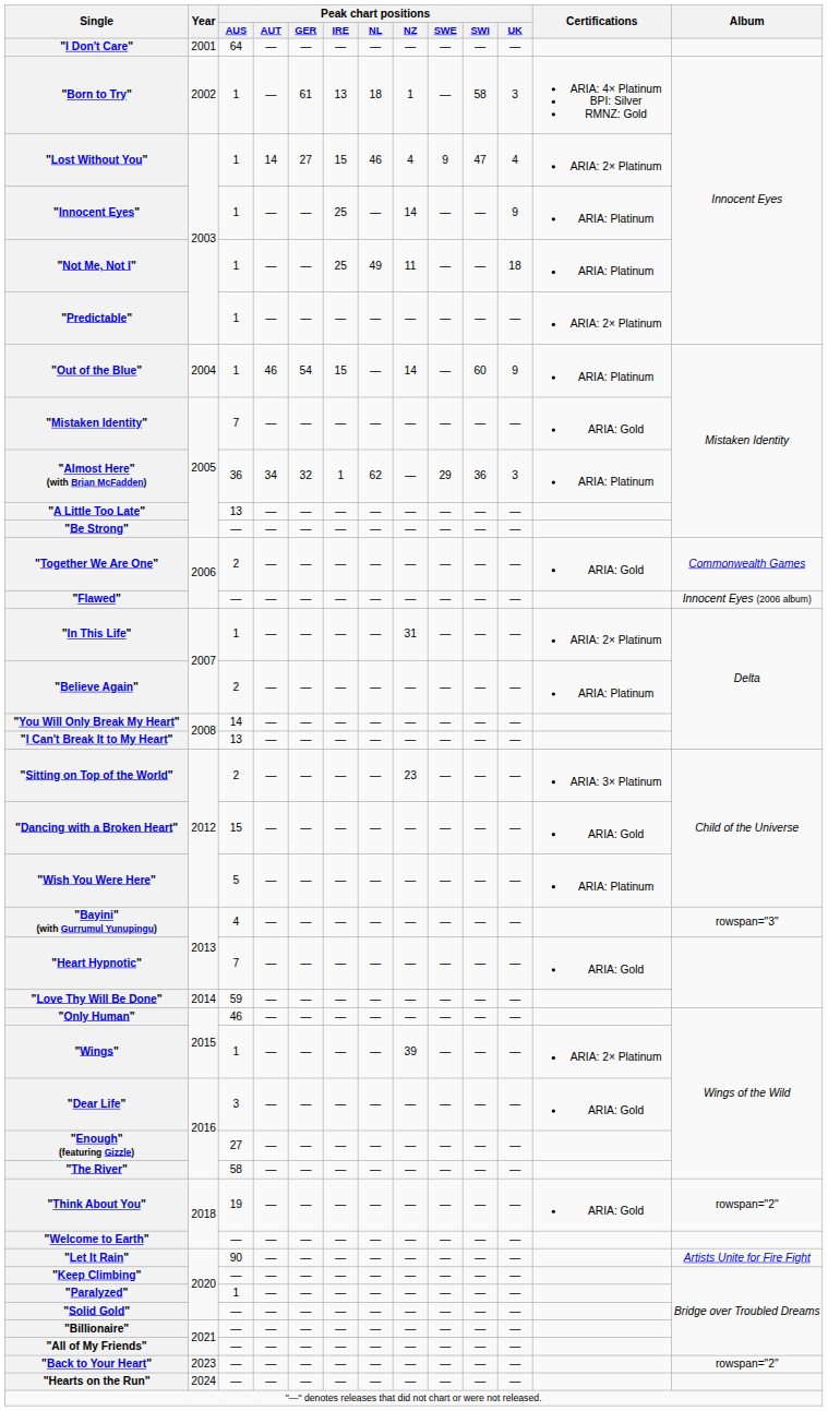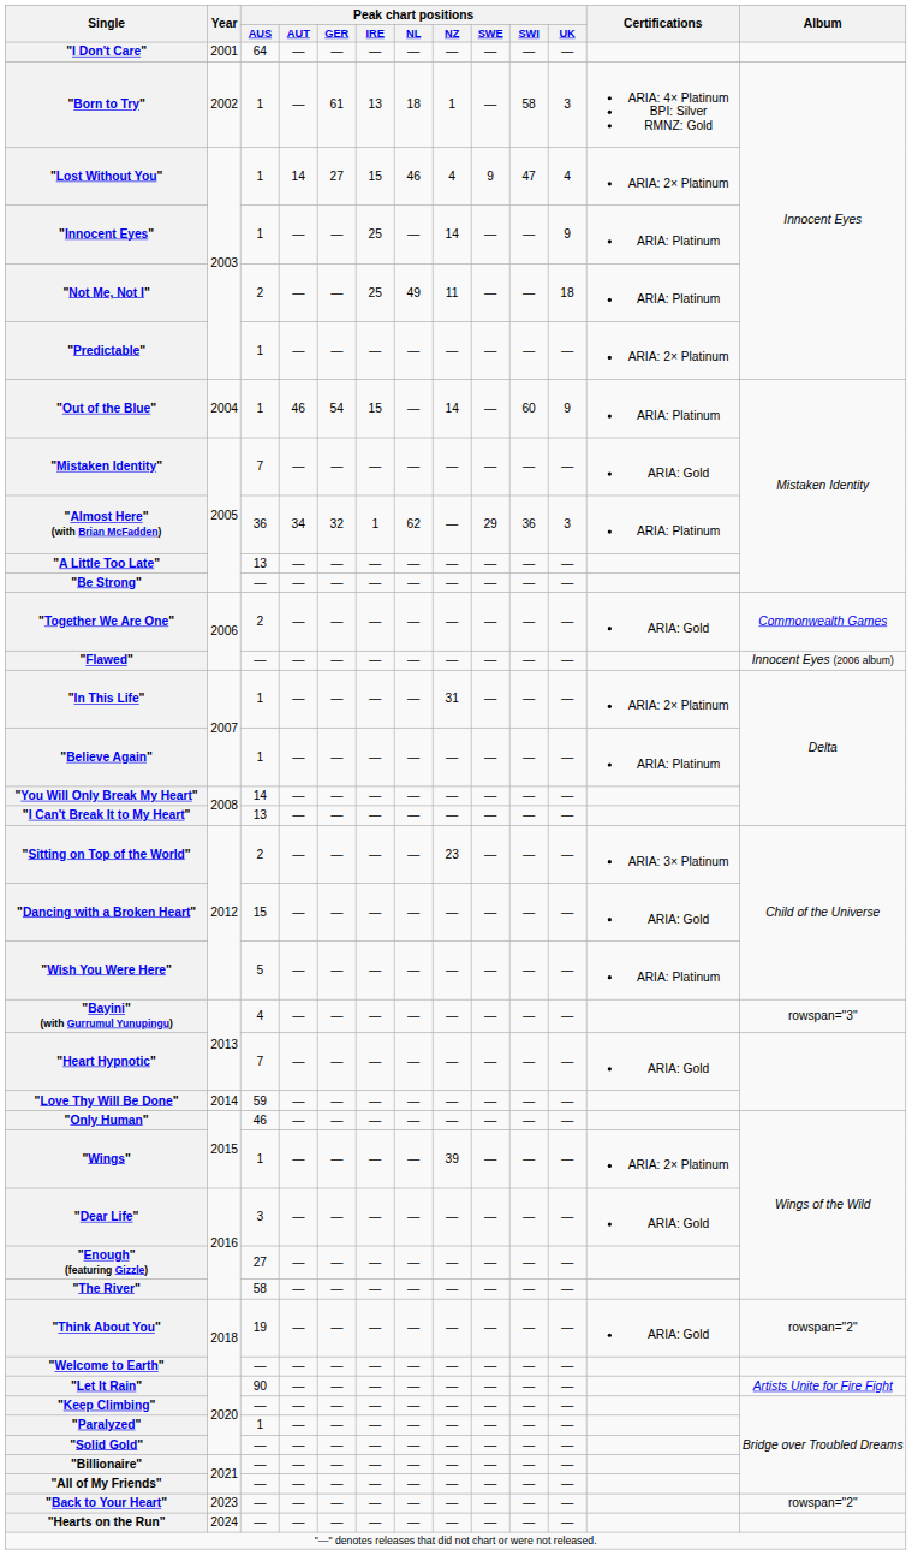 <table class="wikitable plainrowheaders" style="text-align: center;" border="1">
 <tr>
 <th rowspan="2" style="width:16em;">Single</th>
 <th rowspan="2">Year</th>
 <th colspan="9">Peak chart positions</th>
 <th rowspan="2" style="width:12em;">Certifications</th>
 <th rowspan="2">Album</th>
 </tr>
 <tr>
 <th scope="col" style="width:3em;font-size:90%;"><a href='#'>AUS</a><br></th>
 <th scope="col" style="width:3em;font-size:90%;"><a href='#'>AUT</a><br></th>
 <th scope="col" style="width:3em;font-size:90%;"><a href='#'>GER</a><br></th>
 <th scope="col" style="width:3em;font-size:90%;"><a href='#'>IRE</a><br></th>
 <th scope="col" style="width:3em;font-size:90%;"><a href='#'>NL</a><br></th>
 <th scope="col" style="width:3em;font-size:90%;"><a href='#'>NZ</a><br></th>
 <th scope="col" style="width:3em;font-size:90%;"><a href='#'>SWE</a><br></th>
 <th scope="col" style="width:3em;font-size:90%;"><a href='#'>SWI</a><br></th>
 <th scope="col" style="width:3em;font-size:90%;"><a href='#'>UK</a><br></th>
 </tr>
 <tr>
 <th scope="row">"<a href='#'>I Don't Care</a>"</th>
 <td>2001</td>
 <td>64</td>
 <td>—</td>
 <td>—</td>
 <td>—</td>
 <td>—</td>
 <td>—</td>
 <td>—</td>
 <td>—</td>
 <td>—</td>
 <td></td>
 <td></td>
 </tr>
 <tr>
 <th scope="row">"<a href='#'>Born to Try</a>"</th>
 <td>2002</td>
 <td>1</td>
 <td>—</td>
 <td>61</td>
 <td>13</td>
 <td>18</td>
 <td>1</td>
 <td>—</td>
 <td>58</td>
 <td>3</td>
 <td><br><ul><li>ARIA: 4× Platinum</li><li>BPI: Silver</li><li>RMNZ: Gold</li></ul></td>
 <td rowspan="5"><em>Innocent Eyes</em></td>
 </tr>
 <tr>
 <th scope="row">"<a href='#'>Lost Without You</a>"</th>
 <td rowspan="4">2003</td>
 <td>1</td>
 <td>14</td>
 <td>27</td>
 <td>15</td>
 <td>46</td>
 <td>4</td>
 <td>9</td>
 <td>47</td>
 <td>4</td>
 <td><br><ul><li>ARIA: 2× Platinum</li></ul></td>
 </tr>
 <tr>
 <th scope="row">"<a href='#'>Innocent Eyes</a>"</th>
 <td>1</td>
 <td>—</td>
 <td>—</td>
 <td>25</td>
 <td>—</td>
 <td>14</td>
 <td>—</td>
 <td>—</td>
 <td>9</td>
 <td><br><ul><li>ARIA: Platinum</li></ul></td>
 </tr>
 <tr>
 <th scope="row">"<a href='#'>Not Me, Not I</a>"</th>
-<td>1</td>
+<td>2</td>
 <td>—</td>
 <td>—</td>
 <td>25</td>
 <td>49</td>
 <td>11</td>
 <td>—</td>
 <td>—</td>
 <td>18</td>
 <td><br><ul><li>ARIA: Platinum</li></ul></td>
 </tr>
 <tr>
 <th scope="row">"<a href='#'>Predictable</a>"</th>
 <td>1</td>
 <td>—</td>
 <td>—</td>
 <td>—</td>
 <td>—</td>
 <td>—</td>
 <td>—</td>
 <td>—</td>
 <td>—</td>
 <td><br><ul><li>ARIA: 2× Platinum</li></ul></td>
 </tr>
 <tr>
 <th scope="row">"<a href='#'>Out of the Blue</a>"</th>
 <td>2004</td>
 <td>1</td>
 <td>46</td>
 <td>54</td>
 <td>15</td>
 <td>—</td>
 <td>14</td>
 <td>—</td>
 <td>60</td>
 <td>9</td>
 <td><br><ul><li>ARIA: Platinum</li></ul></td>
 <td rowspan="5"><em>Mistaken Identity</em></td>
 </tr>
 <tr>
 <th scope="row">"<a href='#'>Mistaken Identity</a>"</th>
 <td rowspan="4">2005</td>
 <td>7</td>
 <td>—</td>
 <td>—</td>
 <td>—</td>
 <td>—</td>
 <td>—</td>
 <td>—</td>
 <td>—</td>
 <td>—</td>
 <td><br><ul><li>ARIA: Gold</li></ul></td>
 </tr>
 <tr>
 <th scope="row">"<a href='#'>Almost Here</a>" <br><small>(with <a href='#'>Brian McFadden</a>)</small></th>
 <td>36</td>
 <td>34</td>
 <td>32</td>
 <td>1</td>
 <td>62</td>
 <td>—</td>
 <td>29</td>
 <td>36</td>
 <td>3</td>
 <td><br><ul><li>ARIA: Platinum</li></ul></td>
 </tr>
 <tr>
 <th scope="row">"<a href='#'>A Little Too Late</a>"</th>
 <td>13</td>
 <td>—</td>
 <td>—</td>
 <td>—</td>
 <td>—</td>
 <td>—</td>
 <td>—</td>
 <td>—</td>
 <td>—</td>
 <td></td>
 </tr>
 <tr>
 <th scope="row">"<a href='#'>Be Strong</a>"</th>
 <td>—</td>
 <td>—</td>
 <td>—</td>
 <td>—</td>
 <td>—</td>
 <td>—</td>
 <td>—</td>
 <td>—</td>
 <td>—</td>
 <td></td>
 </tr>
 <tr>
 <th scope="row">"<a href='#'>Together We Are One</a>"</th>
 <td rowspan="2">2006</td>
 <td>2</td>
 <td>—</td>
 <td>—</td>
 <td>—</td>
 <td>—</td>
 <td>—</td>
 <td>—</td>
 <td>—</td>
 <td>—</td>
 <td><br><ul><li>ARIA: Gold</li></ul></td>
 <td><em><a href='#'>Commonwealth Games</a></em></td>
 </tr>
 <tr>
 <th scope="row">"<a href='#'>Flawed</a>"</th>
 <td>—</td>
 <td>—</td>
 <td>—</td>
 <td>—</td>
 <td>—</td>
 <td>—</td>
 <td>—</td>
 <td>—</td>
 <td>—</td>
 <td></td>
 <td><em>Innocent Eyes</em> <small>(2006 album)</small></td>
 </tr>
 <tr>
 <th scope="row">"<a href='#'>In This Life</a>"</th>
 <td rowspan="2">2007</td>
 <td>1</td>
 <td>—</td>
 <td>—</td>
 <td>—</td>
 <td>—</td>
 <td>31</td>
 <td>—</td>
 <td>—</td>
 <td>—</td>
 <td><br><ul><li>ARIA: 2× Platinum</li></ul></td>
 <td rowspan="4"><em>Delta</em></td>
 </tr>
 <tr>
 <th scope="row">"<a href='#'>Believe Again</a>"</th>
-<td>2</td>
+<td>1</td>
 <td>—</td>
 <td>—</td>
 <td>—</td>
 <td>—</td>
 <td>—</td>
 <td>—</td>
 <td>—</td>
 <td>—</td>
 <td><br><ul><li>ARIA: Platinum</li></ul></td>
 </tr>
 <tr>
 <th scope="row">"<a href='#'>You Will Only Break My Heart</a>"</th>
 <td rowspan="2">2008</td>
 <td>14</td>
 <td>—</td>
 <td>—</td>
 <td>—</td>
 <td>—</td>
 <td>—</td>
 <td>—</td>
 <td>—</td>
 <td>—</td>
 <td></td>
 </tr>
 <tr>
 <th scope="row">"<a href='#'>I Can't Break It to My Heart</a>"</th>
 <td>13</td>
 <td>—</td>
 <td>—</td>
 <td>—</td>
 <td>—</td>
 <td>—</td>
 <td>—</td>
 <td>—</td>
 <td>—</td>
 <td></td>
 </tr>
 <tr>
 <th scope="row">"<a href='#'>Sitting on Top of the World</a>"</th>
 <td rowspan="3">2012</td>
 <td>2</td>
 <td>—</td>
 <td>—</td>
 <td>—</td>
 <td>—</td>
 <td>23</td>
 <td>—</td>
 <td>—</td>
 <td>—</td>
 <td><br><ul><li>ARIA: 3× Platinum</li></ul></td>
 <td rowspan="3"><em>Child of the Universe</em></td>
 </tr>
 <tr>
 <th scope="row">"<a href='#'>Dancing with a Broken Heart</a>"</th>
 <td>15</td>
 <td>—</td>
 <td>—</td>
 <td>—</td>
 <td>—</td>
 <td>—</td>
 <td>—</td>
 <td>—</td>
 <td>—</td>
 <td><br><ul><li>ARIA: Gold</li></ul></td>
 </tr>
 <tr>
 <th scope="row">"<a href='#'>Wish You Were Here</a>"</th>
 <td>5</td>
 <td>—</td>
 <td>—</td>
 <td>—</td>
 <td>—</td>
 <td>—</td>
 <td>—</td>
 <td>—</td>
 <td>—</td>
 <td><br><ul><li>ARIA: Platinum</li></ul></td>
 </tr>
 <tr>
 <th scope="row">"<a href='#'>Bayini</a>"<br><small>(with <a href='#'>Gurrumul Yunupingu</a>)</small></th>
 <td rowspan="2">2013</td>
 <td>4</td>
 <td>—</td>
 <td>—</td>
 <td>—</td>
 <td>—</td>
 <td>—</td>
 <td>—</td>
 <td>—</td>
 <td>—</td>
 <td></td>
 <td>rowspan="3" </td>
 </tr>
 <tr>
 <th scope="row">"<a href='#'>Heart Hypnotic</a>"</th>
 <td>7</td>
 <td>—</td>
 <td>—</td>
 <td>—</td>
 <td>—</td>
 <td>—</td>
 <td>—</td>
 <td>—</td>
 <td>—</td>
 <td><br><ul><li>ARIA: Gold</li></ul></td>
 </tr>
 <tr>
 <th scope="row">"<a href='#'>Love Thy Will Be Done</a>"</th>
 <td>2014</td>
 <td>59</td>
 <td>—</td>
 <td>—</td>
 <td>—</td>
 <td>—</td>
 <td>—</td>
 <td>—</td>
 <td>—</td>
 <td>—</td>
 <td></td>
 </tr>
 <tr>
 <th scope="row">"<a href='#'>Only Human</a>"</th>
 <td rowspan="2">2015</td>
 <td>46</td>
 <td>—</td>
 <td>—</td>
 <td>—</td>
 <td>—</td>
 <td>—</td>
 <td>—</td>
 <td>—</td>
 <td>—</td>
 <td></td>
 <td rowspan="5"><em>Wings of the Wild</em></td>
 </tr>
 <tr>
 <th scope="row">"<a href='#'>Wings</a>"</th>
 <td>1</td>
 <td>—</td>
 <td>—</td>
 <td>—</td>
 <td>—</td>
 <td>39</td>
 <td>—</td>
 <td>—</td>
 <td>—</td>
 <td><br><ul><li>ARIA: 2× Platinum</li></ul></td>
 </tr>
 <tr>
 <th scope="row">"<a href='#'>Dear Life</a>"</th>
 <td rowspan="3">2016</td>
 <td>3</td>
 <td>—</td>
 <td>—</td>
 <td>—</td>
 <td>—</td>
 <td>—</td>
 <td>—</td>
 <td>—</td>
 <td>—</td>
 <td><br><ul><li>ARIA: Gold</li></ul></td>
 </tr>
 <tr>
 <th scope="row">"<a href='#'>Enough</a>" <br><small>(featuring <a href='#'>Gizzle</a>)</small></th>
 <td>27</td>
 <td>—</td>
 <td>—</td>
 <td>—</td>
 <td>—</td>
 <td>—</td>
 <td>—</td>
 <td>—</td>
 <td>—</td>
 <td></td>
 </tr>
 <tr>
 <th scope="row">"<a href='#'>The River</a>"</th>
 <td>58</td>
 <td>—</td>
 <td>—</td>
 <td>—</td>
 <td>—</td>
 <td>—</td>
 <td>—</td>
 <td>—</td>
 <td>—</td>
 <td></td>
 </tr>
 <tr>
 <th scope="row">"<a href='#'>Think About You</a>"</th>
 <td rowspan="2">2018</td>
 <td>19</td>
 <td>—</td>
 <td>—</td>
 <td>—</td>
 <td>—</td>
 <td>—</td>
 <td>—</td>
 <td>—</td>
 <td>—</td>
 <td><br><ul><li>ARIA: Gold</li></ul></td>
 <td>rowspan="2" </td>
 </tr>
 <tr>
 <th scope="row">"<a href='#'>Welcome to Earth</a>"</th>
 <td>—</td>
 <td>—</td>
 <td>—</td>
 <td>—</td>
 <td>—</td>
 <td>—</td>
 <td>—</td>
 <td>—</td>
 <td>—</td>
 <td></td>
 </tr>
 <tr>
 <th scope="row">"<a href='#'>Let It Rain</a>"</th>
 <td rowspan="4">2020</td>
 <td>90</td>
 <td>—</td>
 <td>—</td>
 <td>—</td>
 <td>—</td>
 <td>—</td>
 <td>—</td>
 <td>—</td>
 <td>—</td>
 <td></td>
 <td><em><a href='#'>Artists Unite for Fire Fight</a></em></td>
 </tr>
 <tr>
 <th scope="row">"<a href='#'>Keep Climbing</a>"</th>
 <td>—</td>
 <td>—</td>
 <td>—</td>
 <td>—</td>
 <td>—</td>
 <td>—</td>
 <td>—</td>
 <td>—</td>
 <td>—</td>
 <td></td>
 <td rowspan="5"><em>Bridge over Troubled Dreams</em></td>
 </tr>
 <tr>
 <th scope="row">"<a href='#'>Paralyzed</a>"</th>
 <td>1</td>
 <td>—</td>
 <td>—</td>
 <td>—</td>
 <td>—</td>
 <td>—</td>
 <td>—</td>
 <td>—</td>
 <td>—</td>
 <td></td>
 </tr>
 <tr>
 <th scope="row">"<a href='#'>Solid Gold</a>"</th>
 <td>—</td>
 <td>—</td>
 <td>—</td>
 <td>—</td>
 <td>—</td>
 <td>—</td>
 <td>—</td>
 <td>—</td>
 <td>—</td>
 <td></td>
 </tr>
 <tr>
 <th scope="row">"Billionaire"</th>
 <td rowspan="2">2021</td>
 <td>—</td>
 <td>—</td>
 <td>—</td>
 <td>—</td>
 <td>—</td>
 <td>—</td>
 <td>—</td>
 <td>—</td>
 <td>—</td>
 <td></td>
 </tr>
 <tr>
 <th scope="row">"All of My Friends"</th>
 <td>—</td>
 <td>—</td>
 <td>—</td>
 <td>—</td>
 <td>—</td>
 <td>—</td>
 <td>—</td>
 <td>—</td>
 <td>—</td>
 <td></td>
 </tr>
 <tr>
 <th scope="row">"<a href='#'>Back to Your Heart</a>"</th>
 <td>2023</td>
 <td>—</td>
 <td>—</td>
 <td>—</td>
 <td>—</td>
 <td>—</td>
 <td>—</td>
 <td>—</td>
 <td>—</td>
 <td>—</td>
 <td></td>
 <td>rowspan="2" </td>
 </tr>
 <tr>
 <th scope="row">"Hearts on the Run"</th>
 <td>2024</td>
 <td>—</td>
 <td>—</td>
 <td>—</td>
 <td>—</td>
 <td>—</td>
 <td>—</td>
 <td>—</td>
 <td>—</td>
 <td>—</td>
 <td></td>
 </tr>
 <tr>
 <td colspan="20" style="font-size:85%">"—" denotes releases that did not chart or were not released.</td>
 </tr>
 </table>
